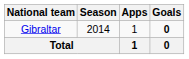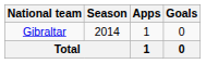 <table class="wikitable" style="text-align: center">
 <tr>
 <th>National team</th>
 <th>Season</th>
 <th>Apps</th>
 <th>Goals</th>
 </tr>
 <tr>
 <td><a href='#'>Gibraltar</a></td>
 <td>2014</td>
 <td>1</td>
-<td><strong>0</strong></td>
+<td>0</td>
 </tr>
 <tr>
 <th colspan="2">Total</th>
 <th>1</th>
 <th>0</th>
 </tr>
 </table>
